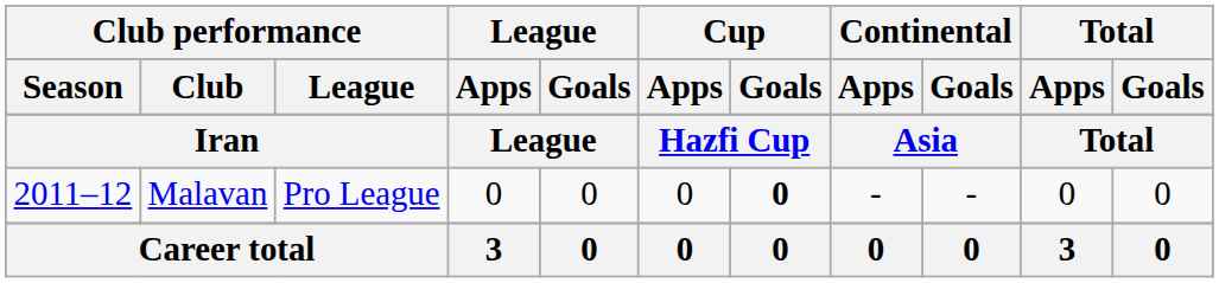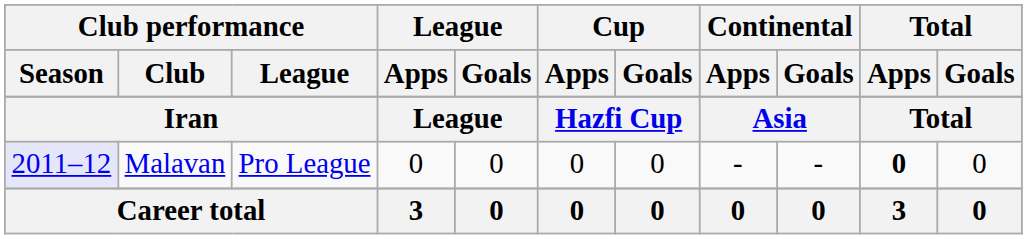 <table class="wikitable" style="text-align:center">
 <tr>
 <th colspan=3>Club performance</th>
 <th colspan=2>League</th>
 <th colspan=2>Cup</th>
 <th colspan=2>Continental</th>
 <th colspan=2>Total</th>
 </tr>
 <tr>
 <th>Season</th>
 <th>Club</th>
 <th>League</th>
 <th>Apps</th>
 <th>Goals</th>
 <th>Apps</th>
 <th>Goals</th>
 <th>Apps</th>
 <th>Goals</th>
 <th>Apps</th>
 <th>Goals</th>
 </tr>
 <tr>
 </tr>
 <tr>
 <th colspan=3>Iran</th>
 <th colspan=2>League</th>
 <th colspan=2><a href='#'>Hazfi Cup</a></th>
 <th colspan=2><a href='#'>Asia</a></th>
 <th colspan=2>Total</th>
 </tr>
 <tr>
-<td><a href='#'>2011–12</a></td>
+<td style="background: lavender;"><a href='#'>2011–12</a></td>
 <td rowspan="1"><a href='#'>Malavan</a></td>
 <td rowspan="1"><a href='#'>Pro League</a></td>
 <td>0</td>
 <td>0</td>
 <td>0</td>
-<td><strong>0</strong></td>
+<td>0</td>
 <td>-</td>
 <td>-</td>
-<td>0</td>
+<td><strong>0</strong></td>
 <td>0</td>
 </tr>
 <tr>
 </tr>
 <tr>
 <th colspan=3>Career total</th>
 <th>3</th>
 <th>0</th>
 <th>0</th>
 <th>0</th>
 <th>0</th>
 <th>0</th>
 <th>3</th>
 <th>0</th>
 </tr>
 </table>
